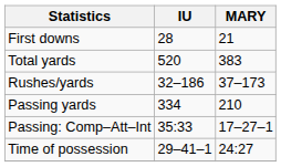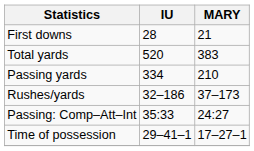 <table class="wikitable" style="float: left;">
 <tr>
 <th>Statistics</th>
 <th>IU</th>
 <th>MARY</th>
 </tr>
 <tr>
 <td>First downs</td>
 <td>28</td>
 <td>21</td>
 </tr>
 <tr>
 <td>Total yards</td>
 <td>520</td>
 <td>383</td>
 </tr>
 <tr>
+<td>Passing yards</td>
+<td>334</td>
+<td>210</td>
+</tr>
+<tr>
 <td>Rushes/yards</td>
 <td>32–186</td>
 <td>37–173</td>
 </tr>
 <tr>
-<td>Passing yards</td>
-<td>334</td>
-<td>210</td>
-</tr>
-<tr>
 <td>Passing: Comp–Att–Int</td>
 <td>35:33</td>
-<td>17–27–1</td>
+<td>24:27</td>
 </tr>
 <tr>
 <td>Time of possession</td>
 <td>29–41–1</td>
-<td>24:27</td>
+<td>17–27–1</td>
 </tr>
 <tr>
 </tr>
 </table>
